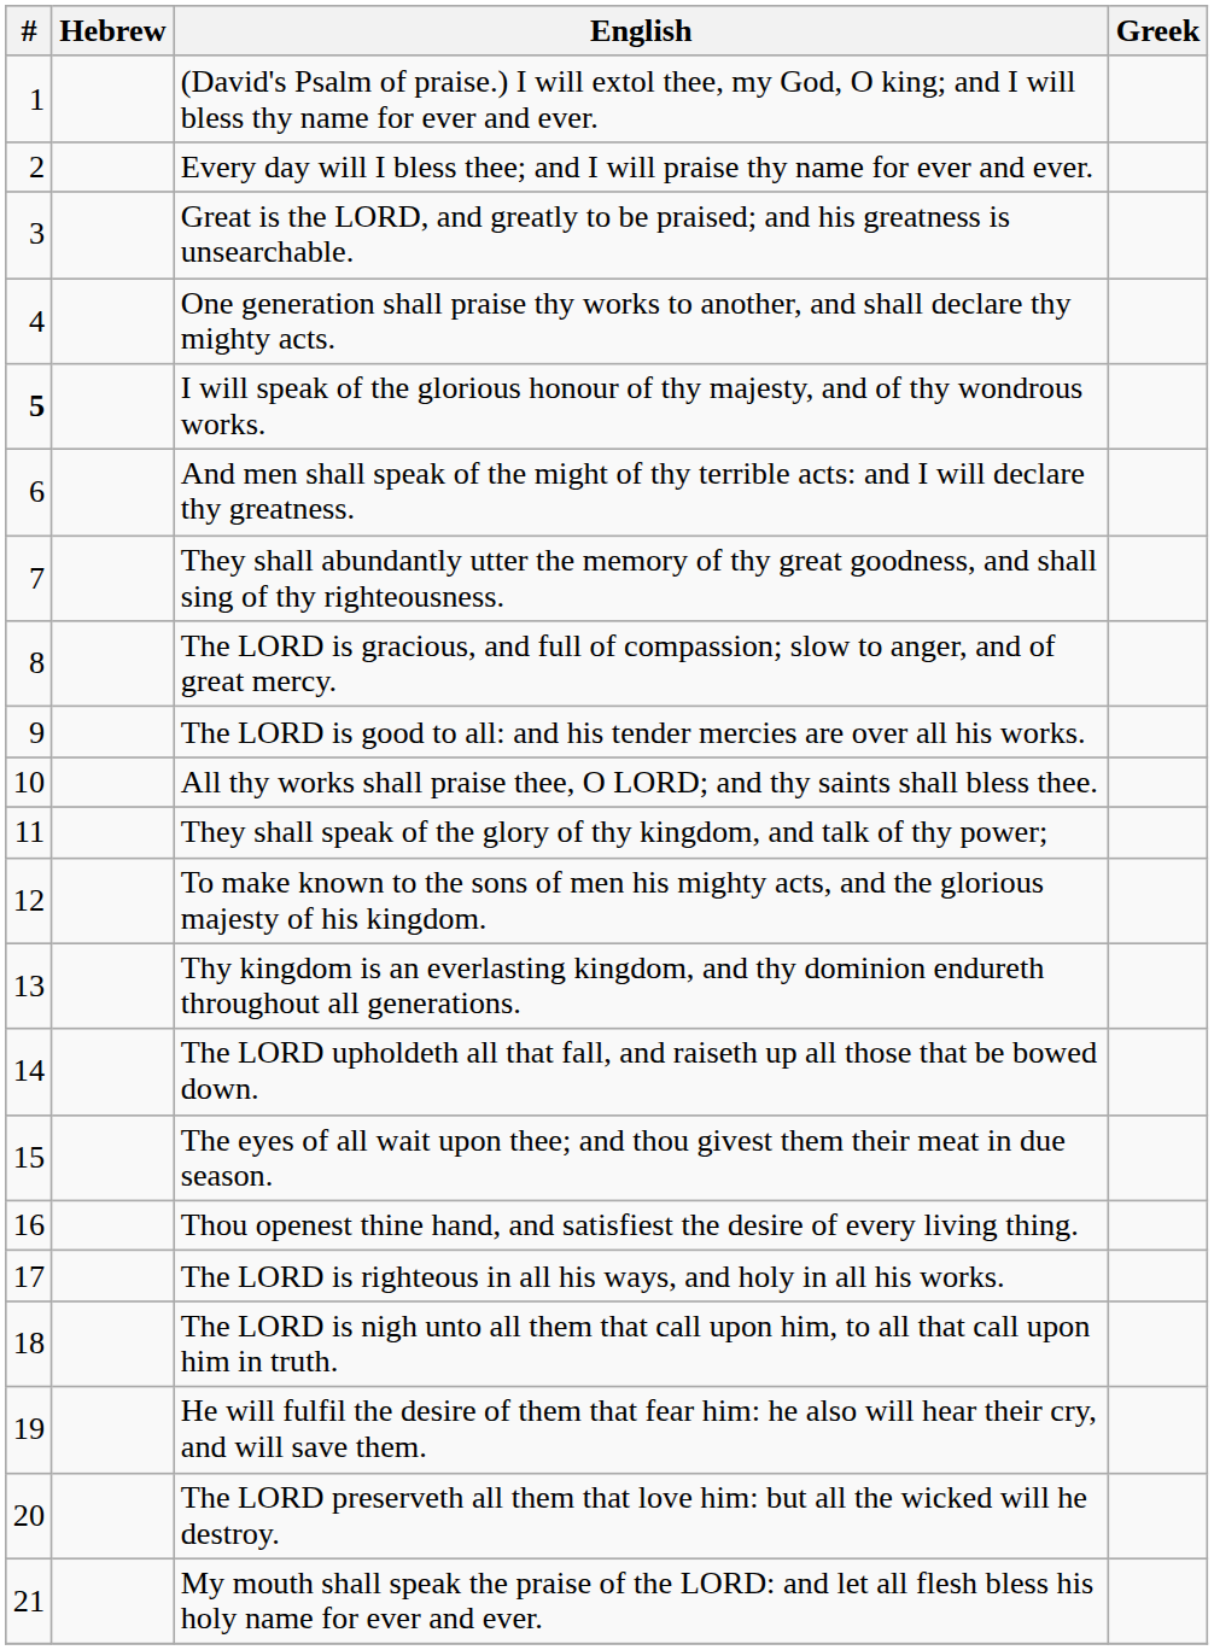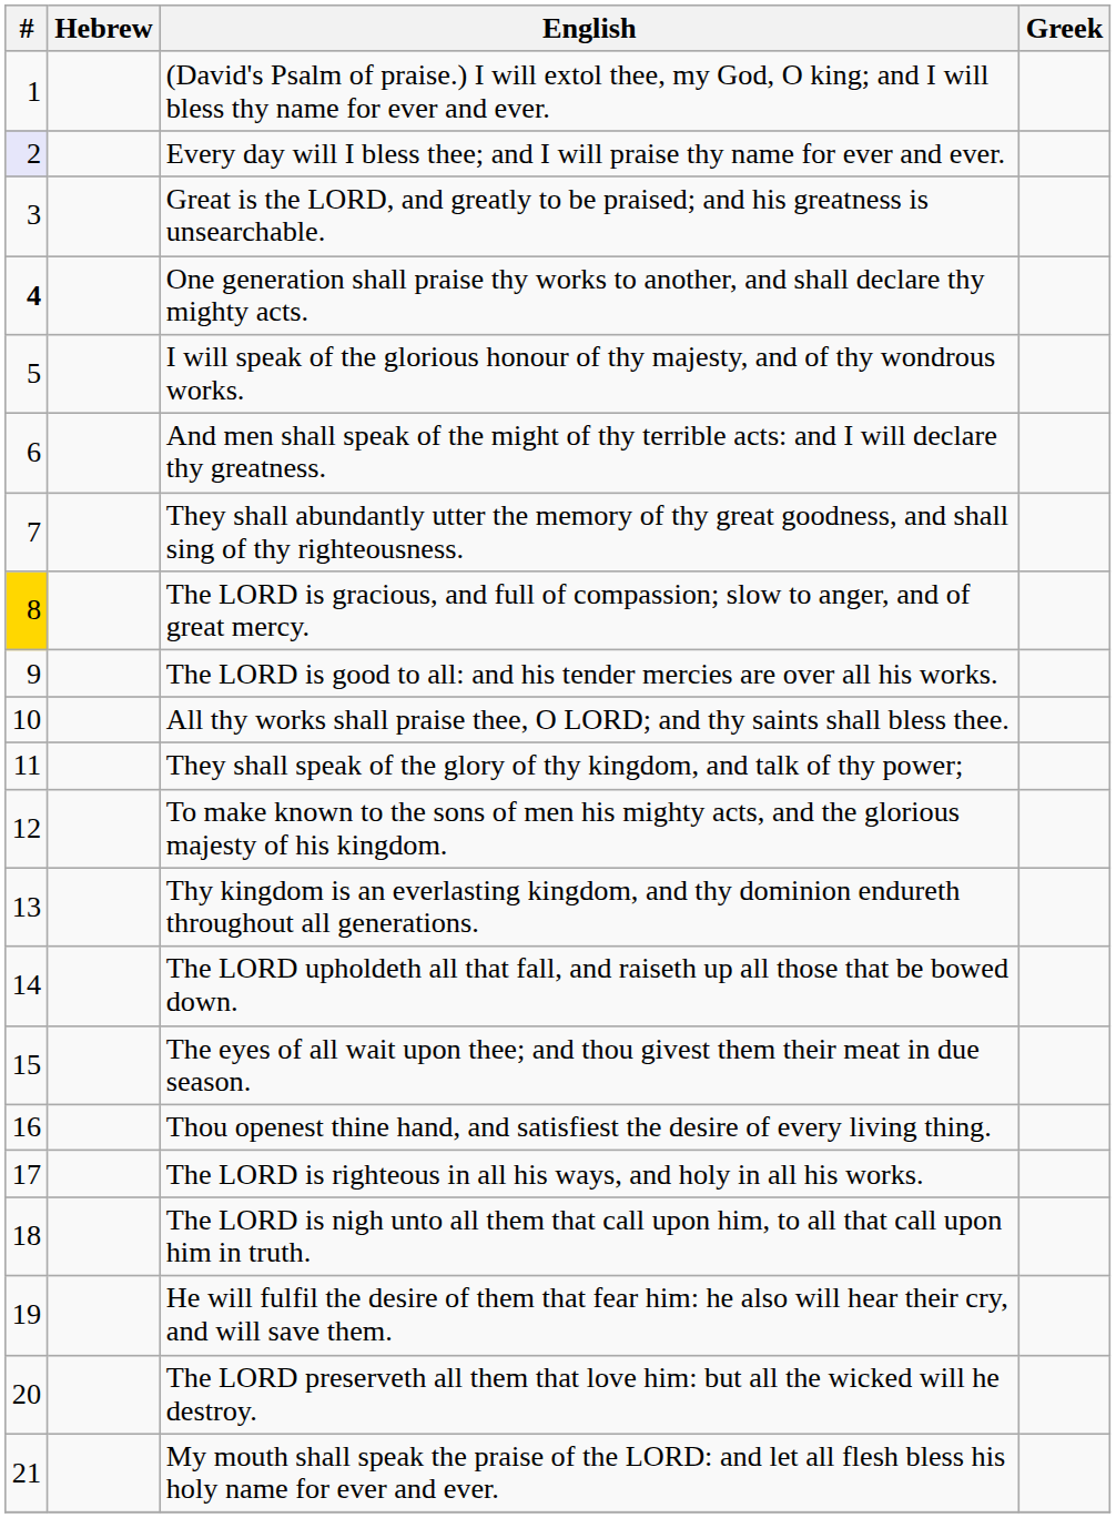 <table class=wikitable>
 <tr>
 <th>#</th>
 <th>Hebrew</th>
 <th>English</th>
 <th>Greek</th>
 </tr>
 <tr>
 <td style="text-align:right">1</td>
 <td style="text-align:right"></td>
 <td>(David's Psalm of praise.) I will extol thee, my God, O king; and I will bless thy name for ever and ever.</td>
 <td></td>
 </tr>
 <tr>
-<td style="text-align:right">2</td>
+<td style="background: lavender; text-align:right">2</td>
 <td style="text-align:right"></td>
 <td>Every day will I bless thee; and I will praise thy name for ever and ever.</td>
 <td></td>
 </tr>
 <tr>
 <td style="text-align:right">3</td>
 <td style="text-align:right"></td>
 <td>Great is the LORD, and greatly to be praised; and his greatness is unsearchable.</td>
 <td></td>
 </tr>
 <tr>
-<td style="text-align:right">4</td>
+<td style="text-align:right"><strong>4</strong></td>
 <td style="text-align:right"></td>
 <td>One generation shall praise thy works to another, and shall declare thy mighty acts.</td>
 <td></td>
 </tr>
 <tr>
-<td style="text-align:right"><strong>5</strong></td>
+<td style="text-align:right">5</td>
 <td style="text-align:right"></td>
 <td>I will speak of the glorious honour of thy majesty, and of thy wondrous works.</td>
 <td></td>
 </tr>
 <tr>
 <td style="text-align:right">6</td>
 <td style="text-align:right"></td>
 <td>And men shall speak of the might of thy terrible acts: and I will declare thy greatness.</td>
 <td></td>
 </tr>
 <tr>
 <td style="text-align:right">7</td>
 <td style="text-align:right"></td>
 <td>They shall abundantly utter the memory of thy great goodness, and shall sing of thy righteousness.</td>
 <td></td>
 </tr>
 <tr>
-<td style="text-align:right">8</td>
+<td style="background: gold; text-align:right">8</td>
 <td style="text-align:right"></td>
 <td>The LORD is gracious, and full of compassion; slow to anger, and of great mercy.</td>
 <td></td>
 </tr>
 <tr>
 <td style="text-align:right">9</td>
 <td style="text-align:right"></td>
 <td>The LORD is good to all: and his tender mercies are over all his works.</td>
 <td></td>
 </tr>
 <tr>
 <td style="text-align:right">10</td>
 <td style="text-align:right"></td>
 <td>All thy works shall praise thee, O LORD; and thy saints shall bless thee.</td>
 <td></td>
 </tr>
 <tr>
 <td style="text-align:right">11</td>
 <td style="text-align:right"></td>
 <td>They shall speak of the glory of thy kingdom, and talk of thy power;</td>
 <td></td>
 </tr>
 <tr>
 <td style="text-align:right">12</td>
 <td style="text-align:right"></td>
 <td>To make known to the sons of men his mighty acts, and the glorious majesty of his kingdom.</td>
 <td></td>
 </tr>
 <tr>
 <td style="text-align:right">13</td>
 <td style="text-align:right"></td>
 <td>Thy kingdom is an everlasting kingdom, and thy dominion endureth throughout all generations.</td>
 <td></td>
 </tr>
 <tr>
 <td style="text-align:right">14</td>
 <td style="text-align:right"></td>
 <td>The LORD upholdeth all that fall, and raiseth up all those that be bowed down.</td>
 <td></td>
 </tr>
 <tr>
 <td style="text-align:right">15</td>
 <td style="text-align:right"></td>
 <td>The eyes of all wait upon thee; and thou givest them their meat in due season.</td>
 <td></td>
 </tr>
 <tr>
 <td style="text-align:right">16</td>
 <td style="text-align:right"></td>
 <td>Thou openest thine hand, and satisfiest the desire of every living thing.</td>
 <td></td>
 </tr>
 <tr>
 <td style="text-align:right">17</td>
 <td style="text-align:right"></td>
 <td>The LORD is righteous in all his ways, and holy in all his works.</td>
 <td></td>
 </tr>
 <tr>
 <td style="text-align:right">18</td>
 <td style="text-align:right"></td>
 <td>The LORD is nigh unto all them that call upon him, to all that call upon him in truth.</td>
 <td></td>
 </tr>
 <tr>
 <td style="text-align:right">19</td>
 <td style="text-align:right"></td>
 <td>He will fulfil the desire of them that fear him: he also will hear their cry, and will save them.</td>
 <td></td>
 </tr>
 <tr>
 <td style="text-align:right">20</td>
 <td style="text-align:right"></td>
 <td>The LORD preserveth all them that love him: but all the wicked will he destroy.</td>
 <td></td>
 </tr>
 <tr>
 <td style="text-align:right">21</td>
 <td style="text-align:right"></td>
 <td>My mouth shall speak the praise of the LORD: and let all flesh bless his holy name for ever and ever.</td>
 <td></td>
 </tr>
 <tr>
 </tr>
 </table>
